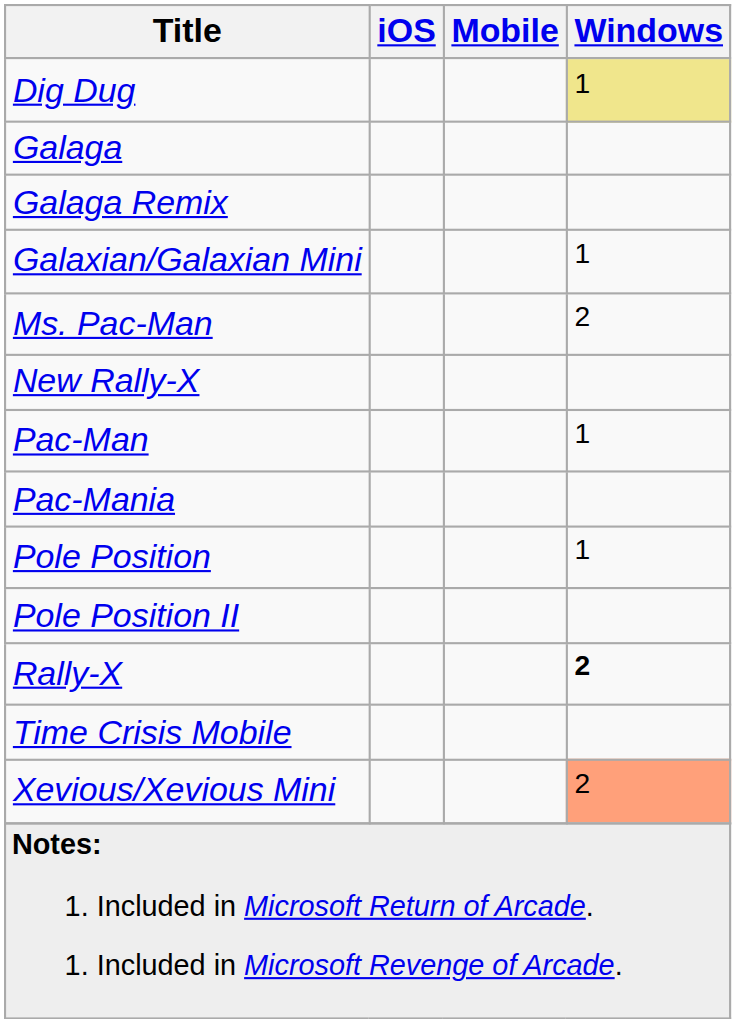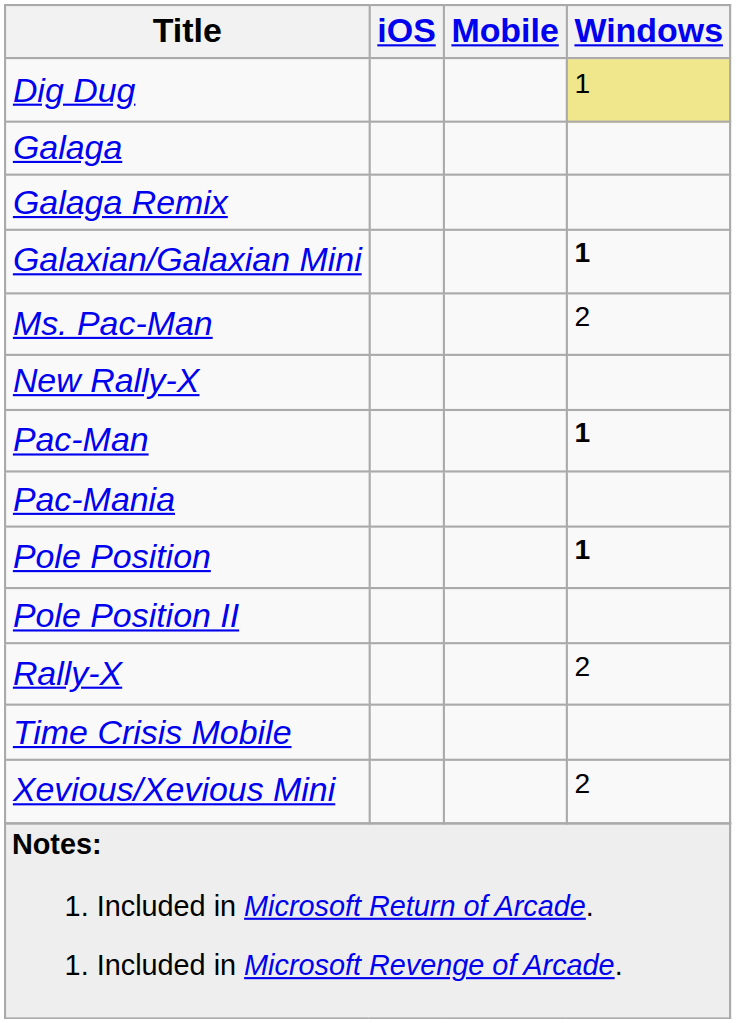 <table class="wikitable sortable" border="1">
 <tr>
 <th>Title</th>
 <th><a href='#'>iOS</a></th>
 <th><a href='#'>Mobile</a></th>
 <th><a href='#'>Windows</a></th>
 </tr>
 <tr>
 <td><em><a href='#'>Dig Dug</a></em></td>
 <td></td>
 <td></td>
 <td style="background: khaki;"><sup>1</sup></td>
 </tr>
 <tr>
 <td><em><a href='#'>Galaga</a></em></td>
 <td></td>
 <td></td>
 <td></td>
 </tr>
 <tr>
 <td><em><a href='#'>Galaga Remix</a></em></td>
 <td></td>
 <td></td>
 <td></td>
 </tr>
 <tr>
 <td><em><a href='#'>Galaxian/Galaxian Mini</a></em></td>
 <td></td>
 <td></td>
-<td><sup>1</sup></td>
+<td><strong><sup>1</sup></strong></td>
 </tr>
 <tr>
 <td><em><a href='#'>Ms. Pac-Man</a></em></td>
 <td></td>
 <td></td>
 <td><sup>2</sup></td>
 </tr>
 <tr>
 <td><em><a href='#'>New Rally-X</a></em></td>
 <td></td>
 <td></td>
 <td></td>
 </tr>
 <tr>
 <td><em><a href='#'>Pac-Man</a></em></td>
 <td></td>
 <td></td>
-<td><sup>1</sup></td>
+<td><strong><sup>1</sup></strong></td>
 </tr>
 <tr>
 <td><em><a href='#'>Pac-Mania</a></em></td>
 <td></td>
 <td></td>
 <td></td>
 </tr>
 <tr>
 <td><em><a href='#'>Pole Position</a></em></td>
 <td></td>
 <td></td>
-<td><sup>1</sup></td>
+<td><strong><sup>1</sup></strong></td>
 </tr>
 <tr>
 <td><em><a href='#'>Pole Position II</a></em></td>
 <td></td>
 <td></td>
 <td></td>
 </tr>
 <tr>
 <td><em><a href='#'>Rally-X</a></em></td>
 <td></td>
 <td></td>
-<td><strong><sup>2</sup></strong></td>
+<td><sup>2</sup></td>
 </tr>
 <tr>
 <td><em><a href='#'>Time Crisis Mobile</a></em></td>
 <td></td>
 <td></td>
 <td></td>
 </tr>
 <tr>
 <td><em><a href='#'>Xevious/Xevious Mini</a></em></td>
 <td></td>
 <td></td>
-<td style="background: lightsalmon;"><sup>2</sup></td>
+<td><sup>2</sup></td>
 </tr>
 <tr>
 </tr>
 <tr>
 <td colspan=7 style="font-size:85%" bgcolor=#EEEEEE><strong>Notes:</strong><br><ol><li>Included in <em><a href='#'>Microsoft Return of Arcade</a></em>.</ol> <ol><li>Included in <em><a href='#'>Microsoft Revenge of Arcade</a></em>.</ol></td>
 </tr>
 </table>
